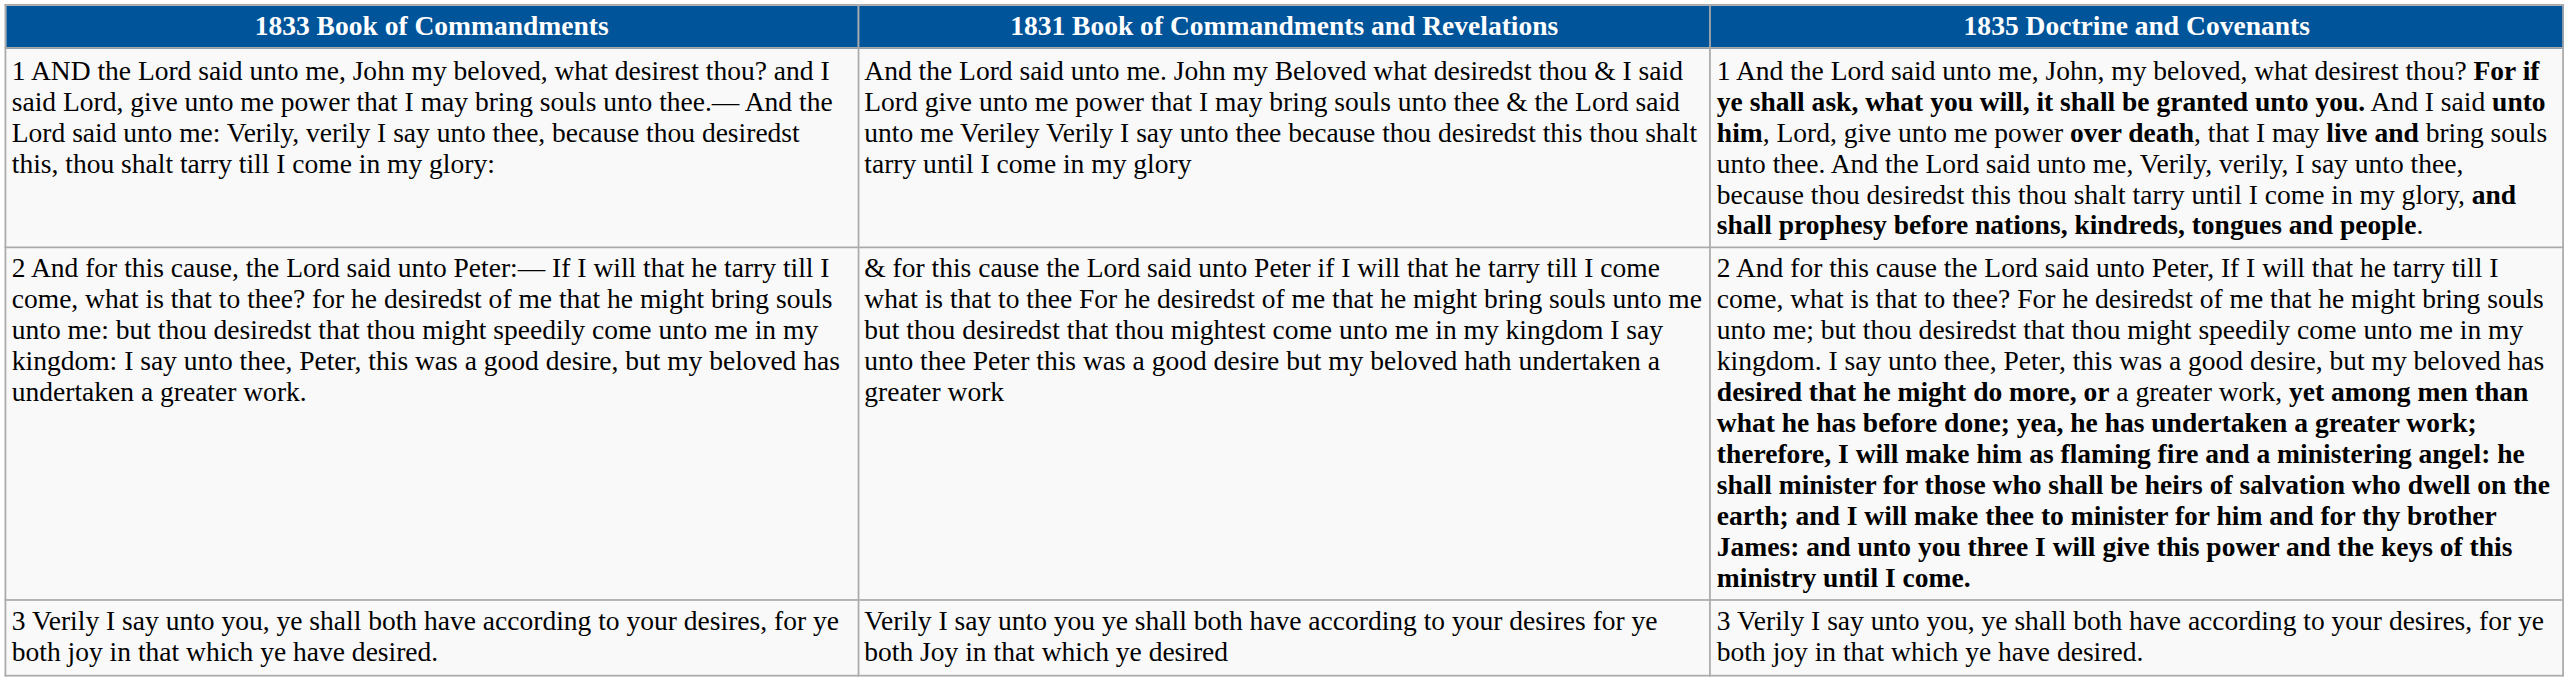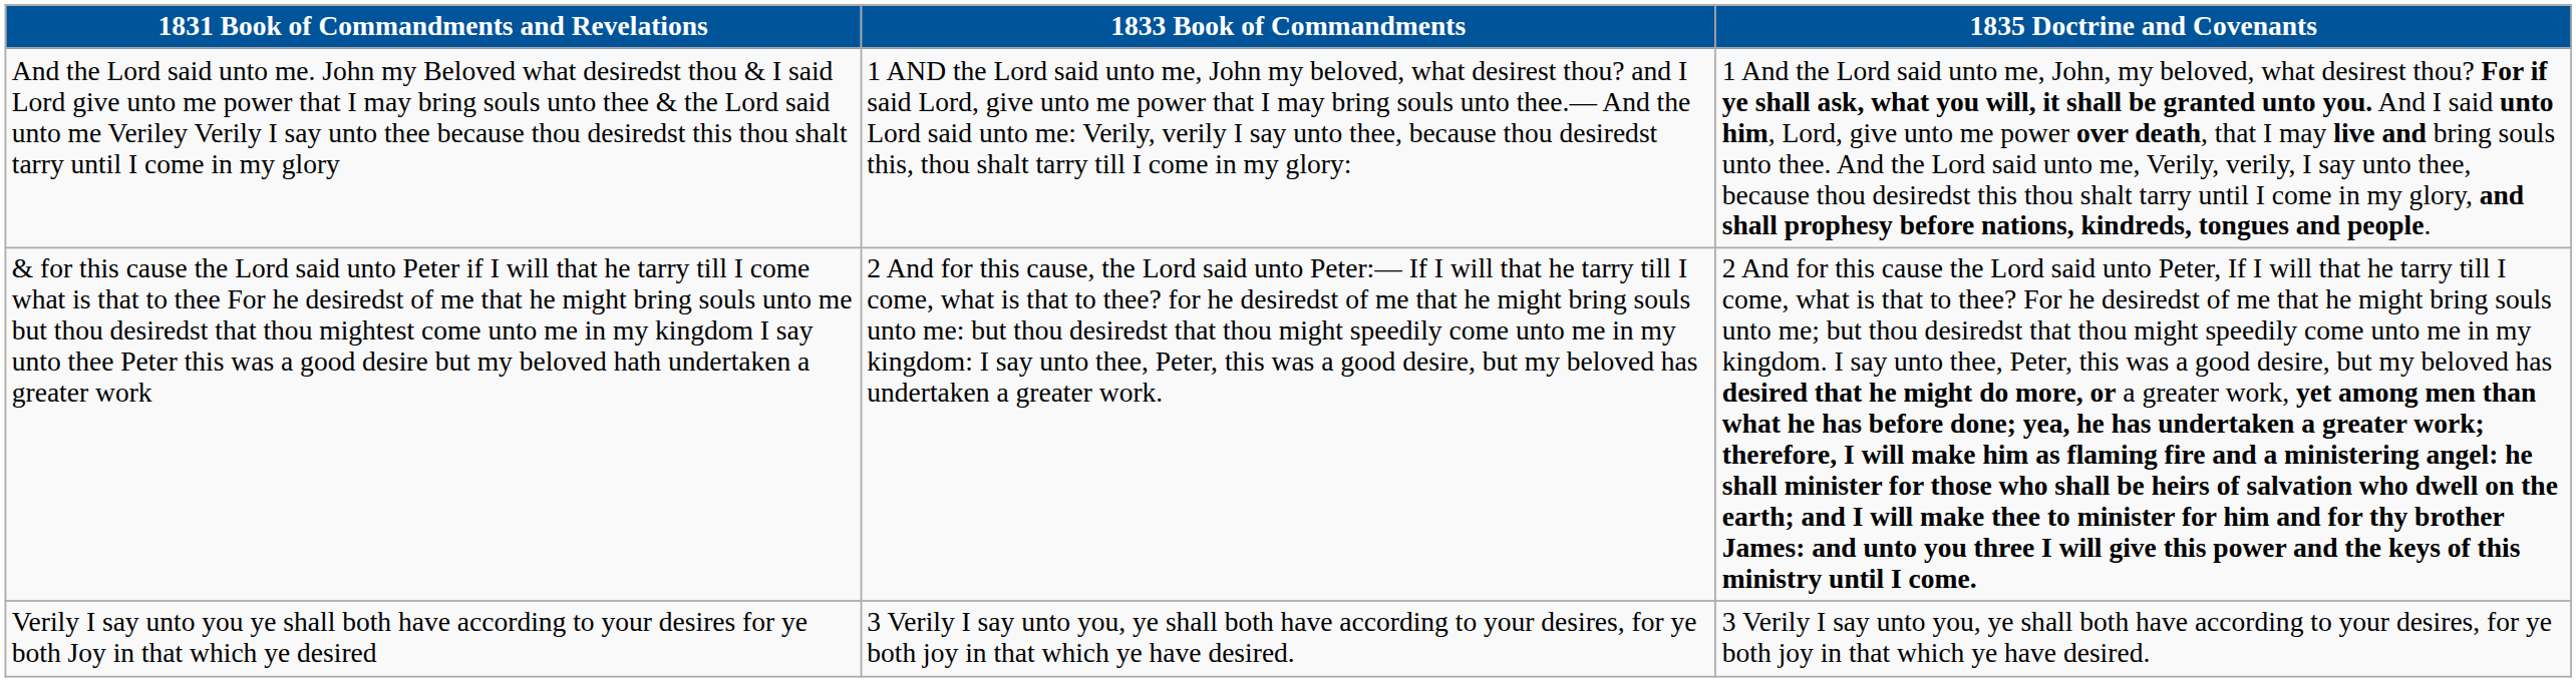 <table class="wikitable plainrowheaders" style="width:75%; margin-left: auto; margin-right: auto; border: none;">
 <tr>
+<th style="background: #00549A; color:white; width: 25%">1831 Book of Commandments and Revelations</th>
 <th style="background: #00549A; color:white; width: 25%">1833 Book of Commandments</th>
-<th style="background: #00549A; color:white; width: 25%">1831 Book of Commandments and Revelations</th>
 <th style="background: #00549A; color:white; width: 25%">1835 Doctrine and Covenants</th>
 </tr>
 <tr>
+<td style="vertical-align: top;">And the Lord said unto me. John my Beloved what desiredst thou & I said Lord give unto me power that I may bring souls unto thee & the Lord said unto me Veriley Verily I say unto thee because thou desiredst this thou shalt tarry until I come in my glory</td>
 <td style="vertical-align: top;">1 AND the Lord said unto me, John my beloved, what desirest thou? and I said Lord, give unto me power that I may bring souls unto thee.— And the Lord said unto me: Verily, verily I say unto thee, because thou desiredst this, thou shalt tarry till I come in my glory:</td>
-<td style="vertical-align: top;">And the Lord said unto me. John my Beloved what desiredst thou & I said Lord give unto me power that I may bring souls unto thee & the Lord said unto me Veriley Verily I say unto thee because thou desiredst this thou shalt tarry until I come in my glory</td>
 <td style="vertical-align: top;">1 And the Lord said unto me, John, my beloved, what desirest thou? <strong>For if ye shall ask, what you will, it shall be granted unto you.</strong> And I said <strong>unto him</strong>, Lord, give unto me power <strong>over death</strong>, that I may <strong>live and</strong> bring souls unto thee. And the Lord said unto me, Verily, verily, I say unto thee, because thou desiredst this thou shalt tarry until I come in my glory, <strong>and shall prophesy before nations, kindreds, tongues and people</strong>.</td>
 </tr>
 <tr>
+<td style="vertical-align: top;">& for this cause the Lord said unto Peter if I will that he tarry till I come what is that to thee For he desiredst of me that he might bring souls unto me but thou desiredst that thou mightest come unto me in my kingdom I say unto thee Peter this was a good desire but my beloved hath undertaken a greater work</td>
 <td style="vertical-align: top;">2 And for this cause, the Lord said unto Peter:— If I will that he tarry till I come, what is that to thee? for he desiredst of me that he might bring souls unto me: but thou desiredst that thou might speedily come unto me in my kingdom: I say unto thee, Peter, this was a good desire, but my beloved has undertaken a greater work.</td>
-<td style="vertical-align: top;">& for this cause the Lord said unto Peter if I will that he tarry till I come what is that to thee For he desiredst of me that he might bring souls unto me but thou desiredst that thou mightest come unto me in my kingdom I say unto thee Peter this was a good desire but my beloved hath undertaken a greater work</td>
 <td style="vertical-align: top;">2 And for this cause the Lord said unto Peter, If I will that he tarry till I come, what is that to thee? For he desiredst of me that he might bring souls unto me; but thou desiredst that thou might speedily come unto me in my kingdom. I say unto thee, Peter, this was a good desire, but my beloved has <strong>desired that he might do more, or</strong> a greater work, <strong>yet among men than what he has before done; yea, he has undertaken a greater work; therefore, I will make him as flaming fire and a ministering angel: he shall minister for those who shall be heirs of salvation who dwell on the earth; and I will make thee to minister for him and for thy brother James: and unto you three I will give this power and the keys of this ministry until I come.</strong></td>
 </tr>
 <tr>
+<td style="vertical-align: top;">Verily I say unto you ye shall both have according to your desires for ye both Joy in that which ye desired</td>
 <td style="vertical-align: top;">3 Verily I say unto you, ye shall both have according to your desires, for ye both joy in that which ye have desired.</td>
-<td style="vertical-align: top;">Verily I say unto you ye shall both have according to your desires for ye both Joy in that which ye desired</td>
 <td style="vertical-align: top;">3 Verily I say unto you, ye shall both have according to your desires, for ye both joy in that which ye have desired.</td>
 </tr>
 </table>
